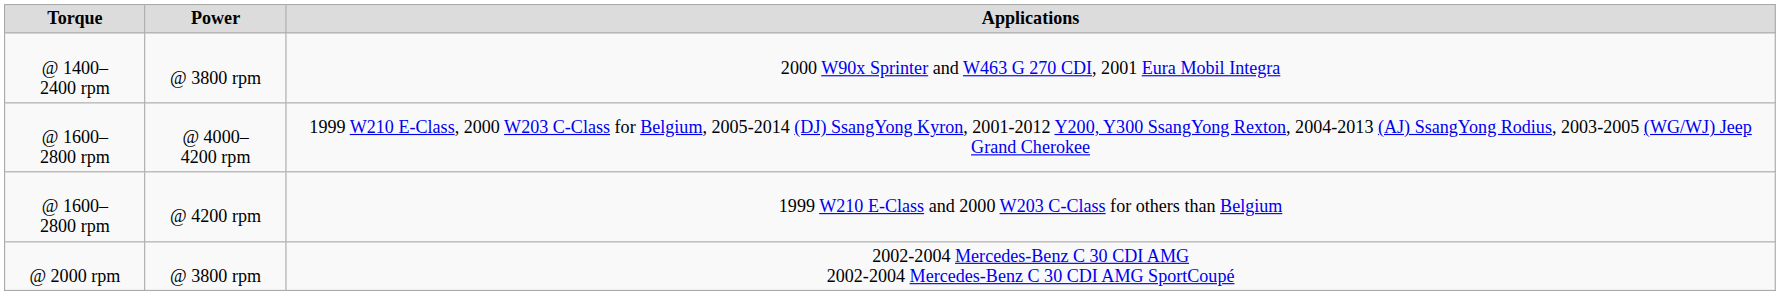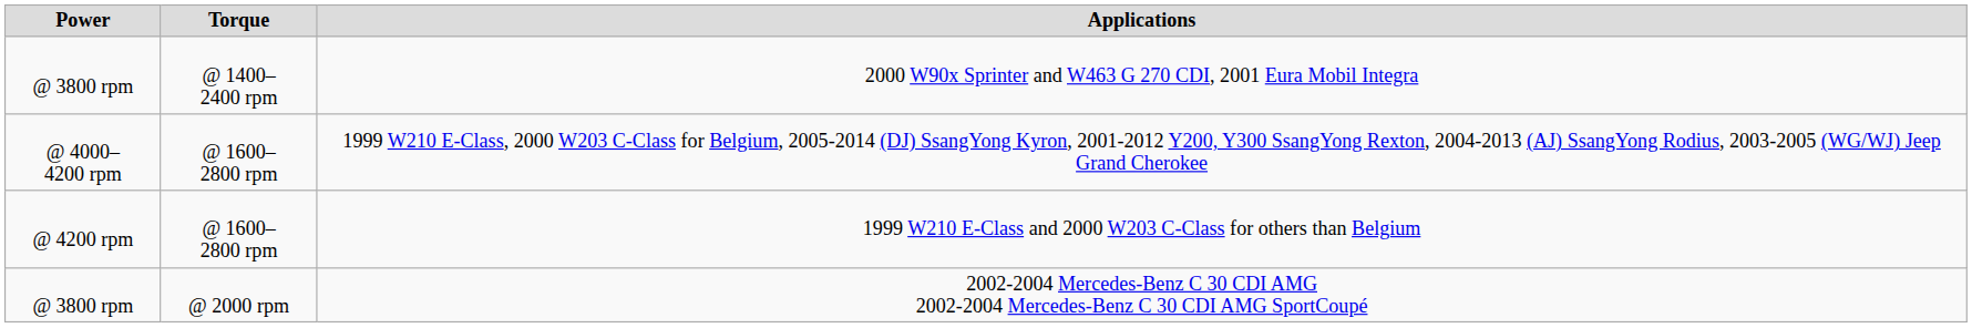 <table class="wikitable" style="text-align:center">
 <tr>
+<th style="background:#DCDCDC" align="center" valign="middle">Power</th>
 <th style="background:#DCDCDC" align="center" valign="middle">Torque</th>
-<th style="background:#DCDCDC" align="center" valign="middle">Power</th>
 <th style="background:#DCDCDC" align="center" valign="middle">Applications</th>
 </tr>
 <tr>
+<td><br>@ 3800 rpm</td>
 <td><br>@ 1400–2400 rpm</td>
-<td><br>@ 3800 rpm</td>
 <td>2000 <a href='#'>W90x Sprinter</a> and <a href='#'>W463 G 270 CDI</a>, 2001 <a href='#'>Eura Mobil Integra</a></td>
 </tr>
 <tr>
+<td><br>@ 4000–4200 rpm</td>
 <td><br>@ 1600–2800 rpm</td>
-<td><br>@ 4000–4200 rpm</td>
 <td>1999 <a href='#'>W210 E-Class</a>, 2000 <a href='#'>W203 C-Class</a> for <a href='#'>Belgium</a>, 2005-2014 <a href='#'>(DJ) SsangYong Kyron</a>, 2001-2012 <a href='#'>Y200, Y300 SsangYong Rexton</a>, 2004-2013 <a href='#'>(AJ) SsangYong Rodius</a>, 2003-2005 <a href='#'>(WG/WJ) Jeep Grand Cherokee</a></td>
 </tr>
 <tr>
+<td><br>@ 4200 rpm</td>
 <td><br>@ 1600–2800 rpm</td>
-<td><br>@ 4200 rpm</td>
 <td>1999 <a href='#'>W210 E-Class</a> and 2000 <a href='#'>W203 C-Class</a> for others than <a href='#'>Belgium</a></td>
 </tr>
 <tr>
+<td><br>@ 3800 rpm</td>
 <td><br>@ 2000 rpm</td>
-<td><br>@ 3800 rpm</td>
 <td>2002-2004 <a href='#'>Mercedes-Benz C 30 CDI AMG</a><br>2002-2004 <a href='#'>Mercedes-Benz C 30 CDI AMG SportCoupé</a></td>
 </tr>
 </table>
